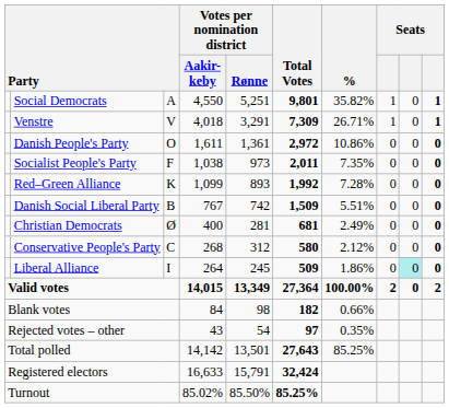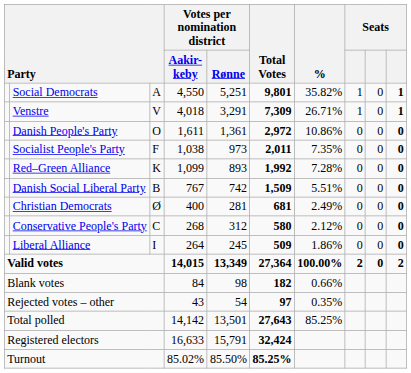 <table class="wikitable" border="1" style="text-align:right;">
 <tr>
 <th style="text-align:left;" valign=bottom rowspan=2 colspan=3>Party</th>
 <th colspan=2>Votes per nomination district</th>
 <th align=center valign=bottom rowspan=2 width="50">Total Votes</th>
 <th align=center valign=bottom rowspan=2 width="50">%</th>
 <th colspan=3>Seats</th>
 </tr>
 <tr>
 <th align=center valign=bottom width="50"><a href='#'>Aakir- keby</a></th>
 <th align="center" valign="bottom" width="50"><a href='#'>Rønne</a></th>
 <th align="center" valign="bottom" width="20"><small></small></th>
 <th align=center valign=bottom width="20"><small><a href='#'></a></small></th>
 <th align=center valign=bottom width="20"><small></small></th>
 </tr>
 <tr>
 <td></td>
 <td align=left><a href='#'>Social Democrats</a></td>
 <td align=left>A</td>
 <td>4,550</td>
 <td>5,251</td>
 <td><strong>9,801</strong></td>
 <td>35.82%</td>
 <td>1</td>
 <td>0</td>
 <td><strong>1</strong></td>
 </tr>
 <tr>
 <td></td>
 <td align=left><a href='#'>Venstre</a></td>
 <td align=left>V</td>
 <td>4,018</td>
 <td>3,291</td>
 <td><strong>7,309</strong></td>
 <td>26.71%</td>
 <td>1</td>
 <td>0</td>
 <td><strong>1</strong></td>
 </tr>
 <tr>
 <td></td>
 <td align=left><a href='#'>Danish People's Party</a></td>
 <td align=left>O</td>
 <td>1,611</td>
 <td>1,361</td>
 <td><strong>2,972</strong></td>
 <td>10.86%</td>
 <td>0</td>
 <td>0</td>
 <td><strong>0</strong></td>
 </tr>
 <tr>
 <td></td>
 <td align=left><a href='#'>Socialist People's Party</a></td>
 <td align=left>F</td>
 <td>1,038</td>
 <td>973</td>
 <td><strong>2,011</strong></td>
 <td>7.35%</td>
 <td>0</td>
 <td>0</td>
 <td><strong>0</strong></td>
 </tr>
 <tr>
 <td></td>
 <td align=left><a href='#'>Red–Green Alliance</a></td>
 <td align=left>K</td>
 <td>1,099</td>
 <td>893</td>
 <td><strong>1,992</strong></td>
 <td>7.28%</td>
 <td>0</td>
 <td>0</td>
 <td><strong>0</strong></td>
 </tr>
 <tr>
 <td></td>
 <td align=left><a href='#'>Danish Social Liberal Party</a></td>
 <td align=left>B</td>
 <td>767</td>
 <td>742</td>
 <td><strong>1,509</strong></td>
 <td>5.51%</td>
 <td>0</td>
 <td>0</td>
 <td><strong>0</strong></td>
 </tr>
 <tr>
 <td></td>
 <td align=left><a href='#'>Christian Democrats</a></td>
 <td align=left>Ø</td>
 <td>400</td>
 <td>281</td>
 <td><strong>681</strong></td>
 <td>2.49%</td>
 <td>0</td>
 <td>0</td>
 <td><strong>0</strong></td>
 </tr>
 <tr>
 <td></td>
 <td align=left style="white-space: nowrap;"><a href='#'>Conservative People's Party</a></td>
 <td align=left>C</td>
 <td>268</td>
 <td>312</td>
 <td><strong>580</strong></td>
 <td>2.12%</td>
 <td>0</td>
 <td>0</td>
 <td><strong>0</strong></td>
 </tr>
 <tr>
 <td></td>
 <td align=left><a href='#'>Liberal Alliance</a></td>
 <td align=left>I</td>
 <td>264</td>
 <td>245</td>
 <td><strong>509</strong></td>
 <td>1.86%</td>
 <td>0</td>
-<td style="background: paleturquoise;">0</td>
+<td>0</td>
 <td><strong>0</strong></td>
 </tr>
 <tr style="font-weight:bold">
 <td align=left colspan=3>Valid votes</td>
 <td>14,015</td>
 <td>13,349</td>
 <td>27,364</td>
 <td>100.00%</td>
 <td>2</td>
 <td>0</td>
 <td>2</td>
 </tr>
 <tr>
 <td align=left colspan=3>Blank votes</td>
 <td>84</td>
 <td>98</td>
 <td><strong>182</strong></td>
 <td>0.66%</td>
 <td></td>
 <td></td>
 <td></td>
 </tr>
 <tr>
 <td align=left colspan=3>Rejected votes – other</td>
 <td>43</td>
 <td>54</td>
 <td><strong>97</strong></td>
 <td>0.35%</td>
 <td></td>
 <td></td>
 <td></td>
 </tr>
 <tr>
 <td align=left colspan=3>Total polled</td>
 <td>14,142</td>
 <td>13,501</td>
 <td><strong>27,643</strong></td>
 <td>85.25%</td>
 <td></td>
 <td></td>
 <td></td>
 </tr>
 <tr>
 <td align=left colspan=3>Registered electors</td>
 <td>16,633</td>
 <td>15,791</td>
 <td><strong>32,424</strong></td>
 <td></td>
 <td></td>
 <td></td>
 <td></td>
 </tr>
 <tr>
 <td align=left colspan=3>Turnout</td>
 <td>85.02%</td>
 <td>85.50%</td>
 <td><strong>85.25%</strong></td>
 <td></td>
 <td></td>
 <td></td>
 <td></td>
 </tr>
 </table>
